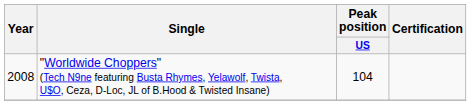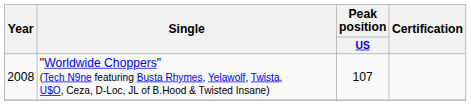 <table class="wikitable plainrowheaders" style="text-align:left;" border="1">
 <tr>
 <th scope="col" rowspan="2" style="width:2em;">Year</th>
 <th scope="col" rowspan="2" style="width:25em;">Single</th>
 <th scope="col" colspan="1">Peak position</th>
 <th scope="col" rowspan="2">Certification</th>
 </tr>
 <tr>
 <th scope="col" style="width:3em;font-size:85%;"><a href='#'>US</a></th>
 </tr>
 <tr>
 <td>2008</td>
 <td>"<a href='#'>Worldwide Choppers</a>" <br><small>(<a href='#'>Tech N9ne</a> featuring <a href='#'>Busta Rhymes</a>, <a href='#'>Yelawolf</a>, <a href='#'>Twista</a>,<br> <a href='#'>U$O</a>, Ceza, D-Loc, JL of B.Hood & Twisted Insane)</small></td>
-<td style="text-align:center;">104</td>
+<td style="text-align:center;">107</td>
 <td></td>
 </tr>
 <tr>
 </tr>
 </table>
